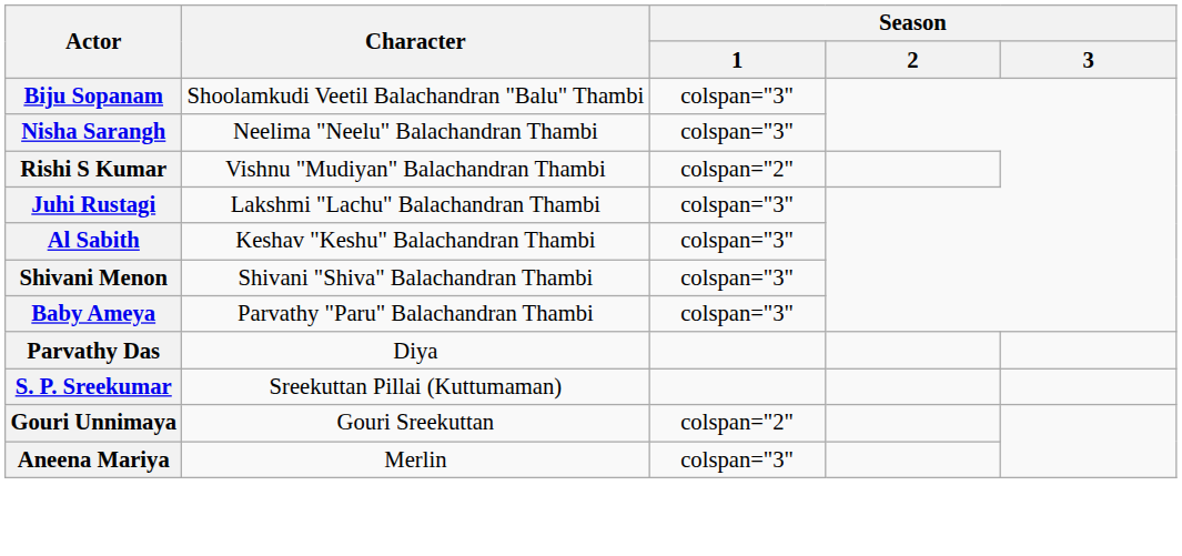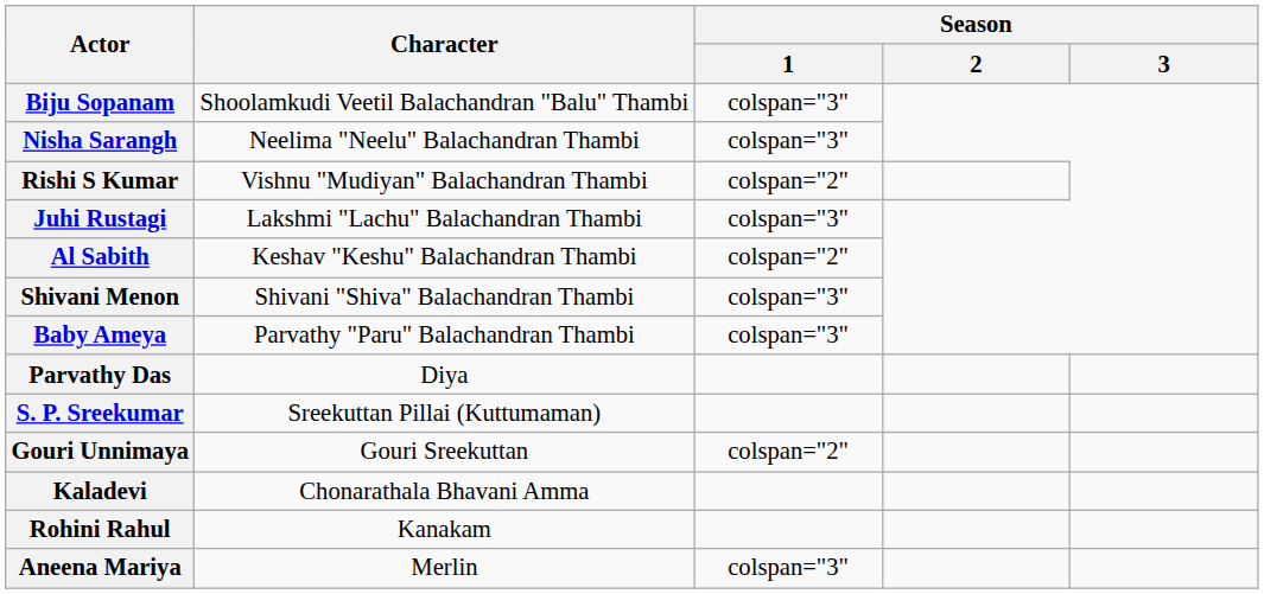 <table class="wikitable plainrowheaders" style="text-align:center;">
 <tr>
 <th scope="col" rowspan="2">Actor</th>
 <th scope="col" rowspan="2">Character</th>
 <th scope="col" colspan="3">Season</th>
 </tr>
 <tr>
 <th style="width:15%;">1</th>
 <th style="width:15%;">2</th>
 <th style="width:15%;">3</th>
 </tr>
 <tr>
 <th scope="row"><a href='#'>Biju Sopanam</a></th>
 <td>Shoolamkudi Veetil Balachandran "Balu" Thambi</td>
 <td>colspan="3" </td>
 </tr>
 <tr>
 <th scope="row"><a href='#'>Nisha Sarangh</a></th>
 <td>Neelima "Neelu" Balachandran Thambi</td>
 <td>colspan="3" </td>
 </tr>
 <tr>
 <th scope="row">Rishi S Kumar</th>
 <td>Vishnu "Mudiyan" Balachandran Thambi</td>
 <td>colspan="2" </td>
 <td></td>
 </tr>
 <tr>
 <th scope="row"><a href='#'>Juhi Rustagi</a></th>
 <td>Lakshmi "Lachu" Balachandran Thambi</td>
 <td>colspan="3" </td>
 </tr>
 <tr>
 <th scope="row"><a href='#'>Al Sabith</a></th>
 <td>Keshav "Keshu" Balachandran Thambi</td>
-<td>colspan="3" </td>
+<td>colspan="2" </td>
 </tr>
 <tr>
 <th scope="row">Shivani Menon</th>
 <td>Shivani "Shiva" Balachandran Thambi</td>
 <td>colspan="3" </td>
 </tr>
 <tr>
 <th scope="row"><a href='#'>Baby Ameya</a></th>
 <td>Parvathy "Paru" Balachandran Thambi</td>
 <td>colspan="3" </td>
 </tr>
 <tr>
 <th scope="row">Parvathy Das</th>
 <td>Diya</td>
 <td></td>
 <td></td>
 <td></td>
 </tr>
 <tr>
 <th scope="row"><a href='#'>S. P. Sreekumar</a></th>
 <td>Sreekuttan Pillai (Kuttumaman)</td>
 <td></td>
 <td></td>
 <td></td>
 </tr>
 <tr>
 <th scope="row">Gouri Unnimaya</th>
 <td>Gouri Sreekuttan</td>
 <td>colspan="2" </td>
 <td></td>
 </tr>
 <tr>
+<th scope="row">Kaladevi</th>
+<td>Chonarathala Bhavani Amma</td>
+<td></td>
+<td></td>
+<td></td>
+</tr>
+<tr>
+<th scope="row">Rohini Rahul</th>
+<td>Kanakam</td>
+<td></td>
+<td></td>
+<td></td>
+</tr>
+<tr>
 <th scope="row">Aneena Mariya</th>
 <td>Merlin</td>
 <td>colspan="3" </td>
 <td></td>
 </tr>
 </table>
